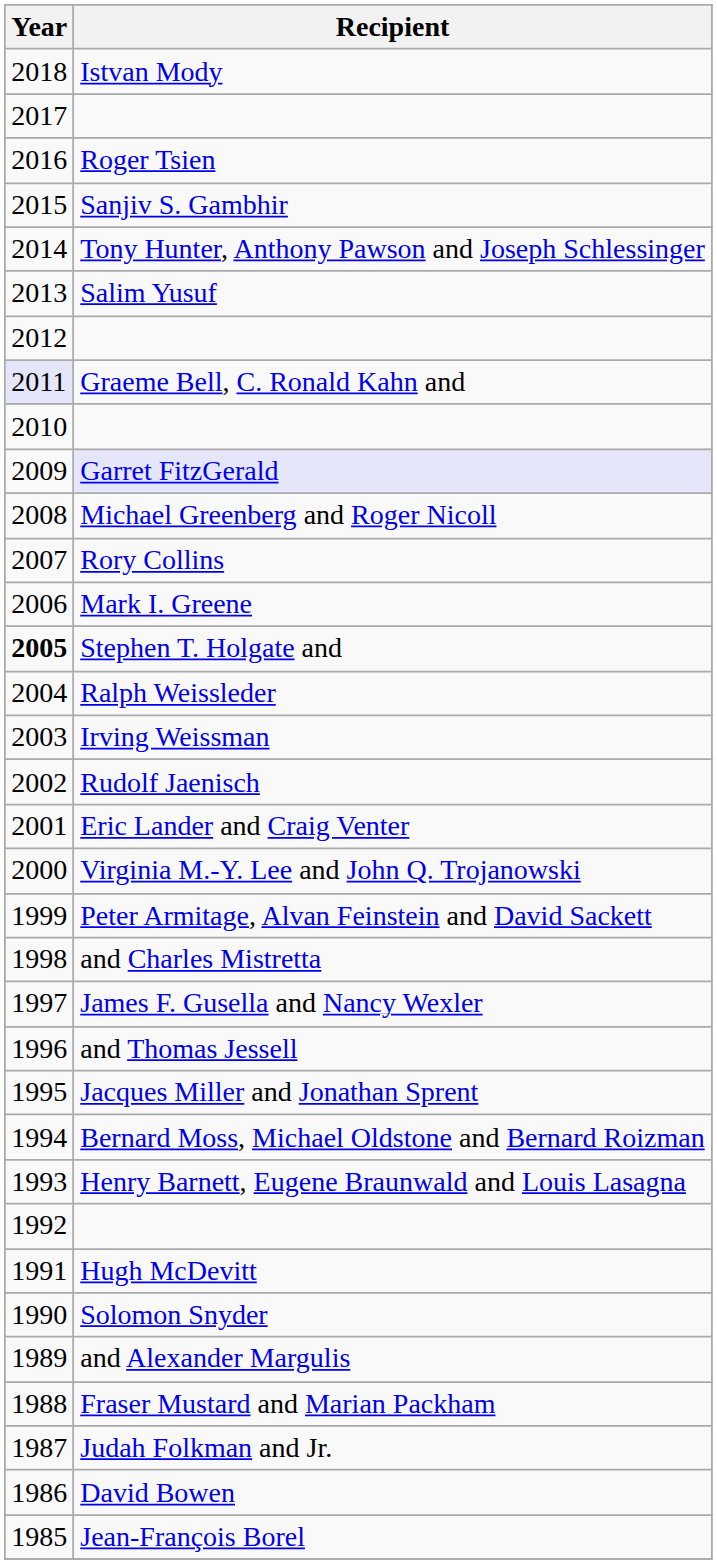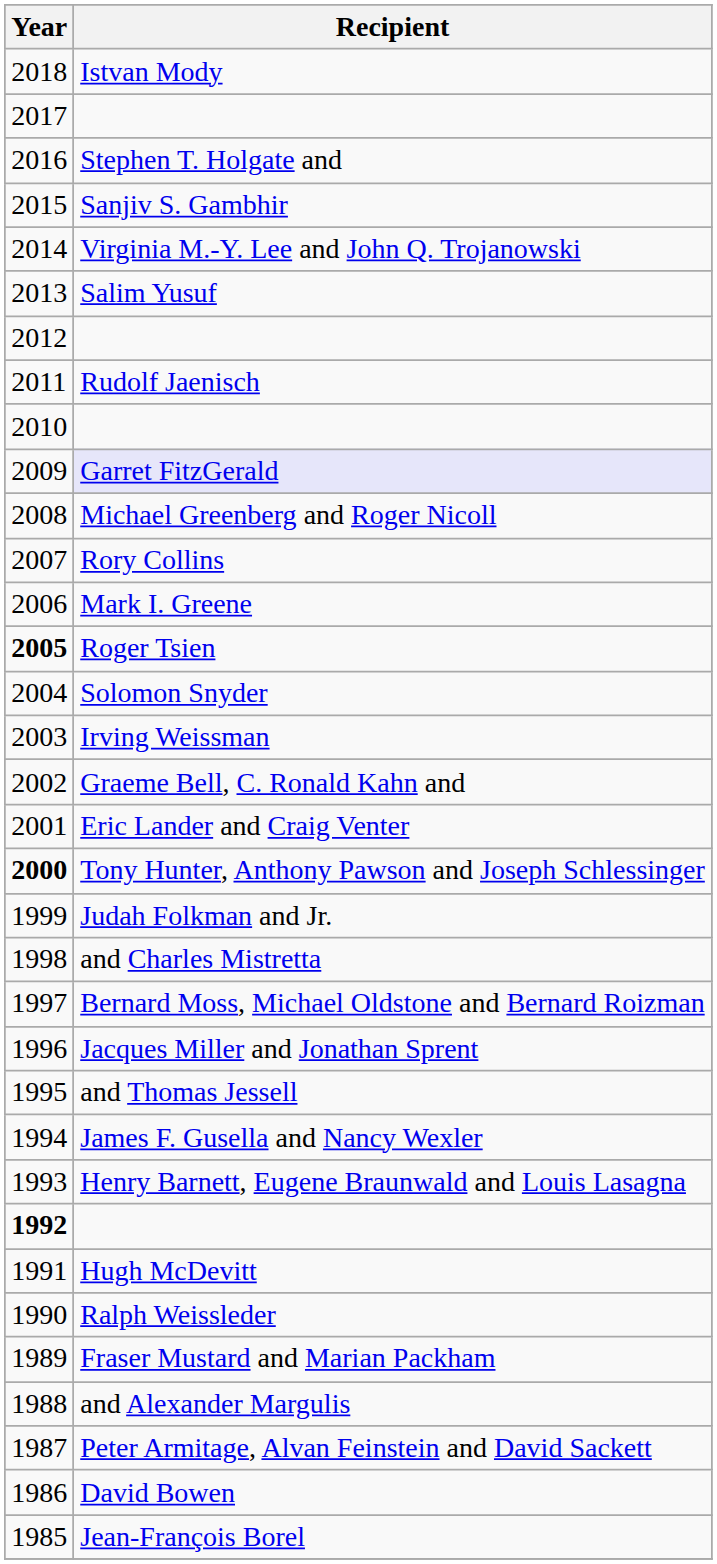 <table class="wikitable">
 <tr>
 <th>Year</th>
 <th>Recipient</th>
 </tr>
 <tr>
 <td>2018</td>
 <td><a href='#'>Istvan Mody</a></td>
 </tr>
 <tr>
 <td>2017</td>
 <td></td>
 </tr>
 <tr>
 <td>2016</td>
-<td><a href='#'>Roger Tsien</a></td>
+<td><a href='#'>Stephen T. Holgate</a> and </td>
 </tr>
 <tr>
 <td>2015</td>
 <td><a href='#'>Sanjiv S. Gambhir</a></td>
 </tr>
 <tr>
 <td>2014</td>
-<td><a href='#'>Tony Hunter</a>, <a href='#'>Anthony Pawson</a> and <a href='#'>Joseph Schlessinger</a></td>
+<td><a href='#'>Virginia M.-Y. Lee</a> and <a href='#'>John Q. Trojanowski</a></td>
 </tr>
 <tr>
 <td>2013</td>
 <td><a href='#'>Salim Yusuf</a></td>
 </tr>
 <tr>
 <td>2012</td>
 <td></td>
 </tr>
 <tr>
-<td style="background: lavender;">2011</td>
-<td><a href='#'>Graeme Bell</a>, <a href='#'>C. Ronald Kahn</a> and </td>
+<td>2011</td>
+<td><a href='#'>Rudolf Jaenisch</a></td>
 </tr>
 <tr>
 <td>2010</td>
 <td></td>
 </tr>
 <tr>
 <td>2009</td>
 <td style="background: lavender;"><a href='#'>Garret FitzGerald</a></td>
 </tr>
 <tr>
 <td>2008</td>
 <td><a href='#'>Michael Greenberg</a> and <a href='#'>Roger Nicoll</a></td>
 </tr>
 <tr>
 <td>2007</td>
 <td><a href='#'>Rory Collins</a></td>
 </tr>
 <tr>
 <td>2006</td>
 <td><a href='#'>Mark I. Greene</a></td>
 </tr>
 <tr>
 <td><strong>2005</strong></td>
-<td><a href='#'>Stephen T. Holgate</a> and </td>
+<td><a href='#'>Roger Tsien</a></td>
 </tr>
 <tr>
 <td>2004</td>
-<td><a href='#'>Ralph Weissleder</a></td>
+<td><a href='#'>Solomon Snyder</a></td>
 </tr>
 <tr>
 <td>2003</td>
 <td><a href='#'>Irving Weissman</a></td>
 </tr>
 <tr>
 <td>2002</td>
-<td><a href='#'>Rudolf Jaenisch</a></td>
+<td><a href='#'>Graeme Bell</a>, <a href='#'>C. Ronald Kahn</a> and </td>
 </tr>
 <tr>
 <td>2001</td>
 <td><a href='#'>Eric Lander</a> and <a href='#'>Craig Venter</a></td>
 </tr>
 <tr>
-<td>2000</td>
-<td><a href='#'>Virginia M.-Y. Lee</a> and <a href='#'>John Q. Trojanowski</a></td>
+<td><strong>2000</strong></td>
+<td><a href='#'>Tony Hunter</a>, <a href='#'>Anthony Pawson</a> and <a href='#'>Joseph Schlessinger</a></td>
 </tr>
 <tr>
 <td>1999</td>
-<td><a href='#'>Peter Armitage</a>, <a href='#'>Alvan Feinstein</a> and <a href='#'>David Sackett</a></td>
+<td><a href='#'>Judah Folkman</a> and  Jr.</td>
 </tr>
 <tr>
 <td>1998</td>
 <td> and <a href='#'>Charles Mistretta</a></td>
 </tr>
 <tr>
 <td>1997</td>
-<td><a href='#'>James F. Gusella</a> and <a href='#'>Nancy Wexler</a></td>
+<td><a href='#'>Bernard Moss</a>, <a href='#'>Michael Oldstone</a> and <a href='#'>Bernard Roizman</a></td>
 </tr>
 <tr>
 <td>1996</td>
+<td><a href='#'>Jacques Miller</a> and <a href='#'>Jonathan Sprent</a></td>
+</tr>
+<tr>
+<td>1995</td>
 <td> and <a href='#'>Thomas Jessell</a></td>
 </tr>
 <tr>
-<td>1995</td>
-<td><a href='#'>Jacques Miller</a> and <a href='#'>Jonathan Sprent</a></td>
-</tr>
-<tr>
 <td>1994</td>
-<td><a href='#'>Bernard Moss</a>, <a href='#'>Michael Oldstone</a> and <a href='#'>Bernard Roizman</a></td>
+<td><a href='#'>James F. Gusella</a> and <a href='#'>Nancy Wexler</a></td>
 </tr>
 <tr>
 <td>1993</td>
 <td><a href='#'>Henry Barnett</a>, <a href='#'>Eugene Braunwald</a> and <a href='#'>Louis Lasagna</a></td>
 </tr>
 <tr>
-<td>1992</td>
+<td><strong>1992</strong></td>
 <td></td>
 </tr>
 <tr>
 <td>1991</td>
 <td><a href='#'>Hugh McDevitt</a></td>
 </tr>
 <tr>
 <td>1990</td>
-<td><a href='#'>Solomon Snyder</a></td>
+<td><a href='#'>Ralph Weissleder</a></td>
 </tr>
 <tr>
 <td>1989</td>
+<td><a href='#'>Fraser Mustard</a> and <a href='#'>Marian Packham</a></td>
+</tr>
+<tr>
+<td>1988</td>
 <td> and <a href='#'>Alexander Margulis</a></td>
 </tr>
 <tr>
-<td>1988</td>
-<td><a href='#'>Fraser Mustard</a> and <a href='#'>Marian Packham</a></td>
-</tr>
-<tr>
 <td>1987</td>
-<td><a href='#'>Judah Folkman</a> and  Jr.</td>
+<td><a href='#'>Peter Armitage</a>, <a href='#'>Alvan Feinstein</a> and <a href='#'>David Sackett</a></td>
 </tr>
 <tr>
 <td>1986</td>
 <td><a href='#'>David Bowen</a></td>
 </tr>
 <tr>
 <td>1985</td>
 <td><a href='#'>Jean-François Borel</a></td>
 </tr>
 <tr>
 </tr>
 </table>
